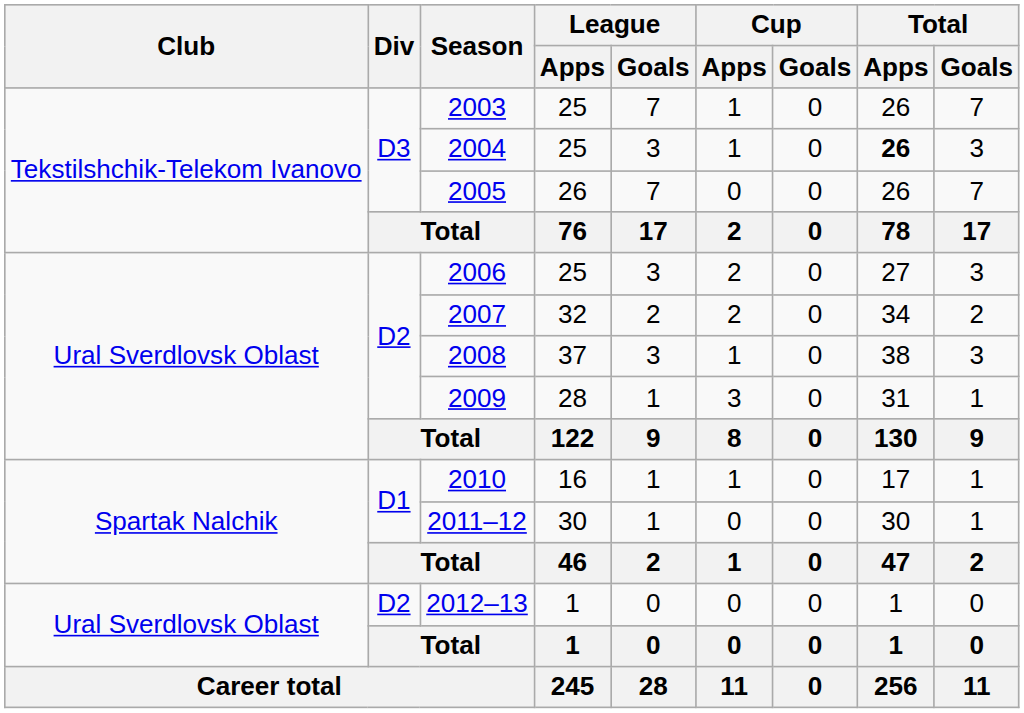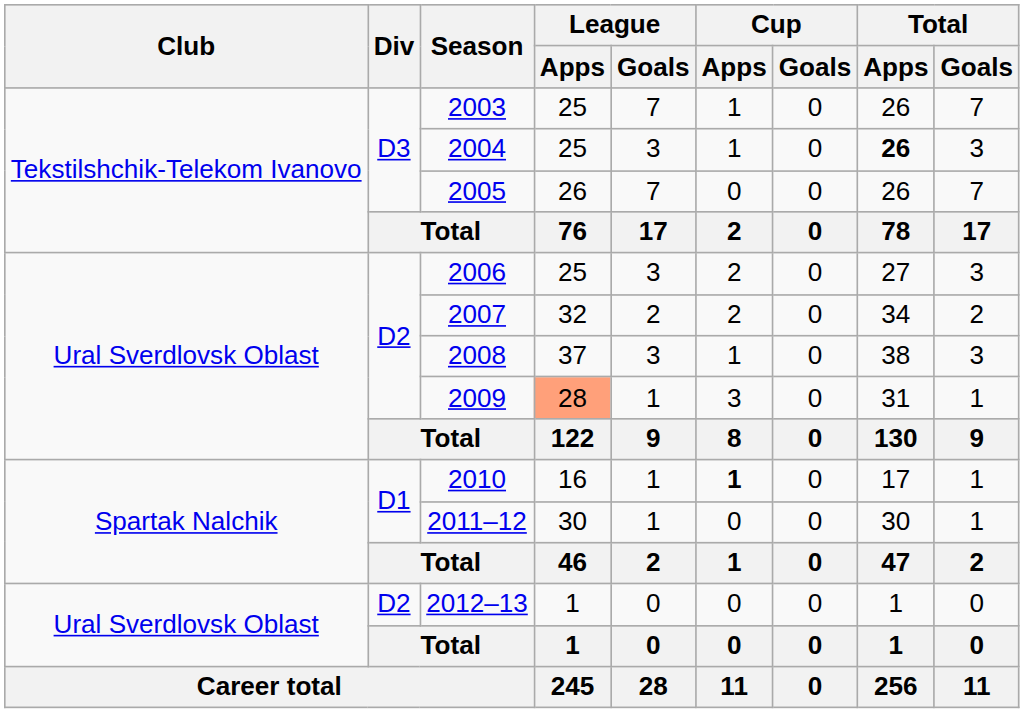 <table class="wikitable" style="text-align: center;">
 <tr>
 <th rowspan="2">Club</th>
 <th rowspan="2">Div</th>
 <th rowspan="2">Season</th>
 <th colspan="2">League</th>
 <th colspan="2">Cup</th>
 <th colspan="2">Total</th>
 </tr>
 <tr>
 <th>Apps</th>
 <th>Goals</th>
 <th>Apps</th>
 <th>Goals</th>
 <th>Apps</th>
 <th>Goals</th>
 </tr>
 <tr>
 <td rowspan="4" valign="center"> <a href='#'>Tekstilshchik-Telekom Ivanovo</a></td>
 <td rowspan="3"><a href='#'>D3</a></td>
 <td><a href='#'>2003</a></td>
 <td>25</td>
 <td>7</td>
 <td>1</td>
 <td>0</td>
 <td>26</td>
 <td>7</td>
 </tr>
 <tr>
 <td><a href='#'>2004</a></td>
 <td>25</td>
 <td>3</td>
 <td>1</td>
 <td>0</td>
 <td><strong>26</strong></td>
 <td>3</td>
 </tr>
 <tr>
 <td><a href='#'>2005</a></td>
 <td>26</td>
 <td>7</td>
 <td>0</td>
 <td>0</td>
 <td>26</td>
 <td>7</td>
 </tr>
 <tr>
 <th colspan="2">Total</th>
 <th>76</th>
 <th>17</th>
 <th>2</th>
 <th>0</th>
 <th>78</th>
 <th>17</th>
 </tr>
 <tr>
 <td rowspan="5" valign="center"> <a href='#'>Ural Sverdlovsk Oblast</a></td>
 <td rowspan="4"><a href='#'>D2</a></td>
 <td><a href='#'>2006</a></td>
 <td>25</td>
 <td>3</td>
 <td>2</td>
 <td>0</td>
 <td>27</td>
 <td>3</td>
 </tr>
 <tr>
 <td><a href='#'>2007</a></td>
 <td>32</td>
 <td>2</td>
 <td>2</td>
 <td>0</td>
 <td>34</td>
 <td>2</td>
 </tr>
 <tr>
 <td><a href='#'>2008</a></td>
 <td>37</td>
 <td>3</td>
 <td>1</td>
 <td>0</td>
 <td>38</td>
 <td>3</td>
 </tr>
 <tr>
 <td><a href='#'>2009</a></td>
-<td>28</td>
+<td style="background: lightsalmon;">28</td>
 <td>1</td>
 <td>3</td>
 <td>0</td>
 <td>31</td>
 <td>1</td>
 </tr>
 <tr>
 <th colspan="2">Total</th>
 <th>122</th>
 <th>9</th>
 <th>8</th>
 <th>0</th>
 <th>130</th>
 <th>9</th>
 </tr>
 <tr>
 <td rowspan="3" valign="center"> <a href='#'>Spartak Nalchik</a></td>
 <td rowspan="2"><a href='#'>D1</a></td>
 <td><a href='#'>2010</a></td>
 <td>16</td>
 <td>1</td>
-<td>1</td>
+<td><strong>1</strong></td>
 <td>0</td>
 <td>17</td>
 <td>1</td>
 </tr>
 <tr>
 <td><a href='#'>2011–12</a></td>
 <td>30</td>
 <td>1</td>
 <td>0</td>
 <td>0</td>
 <td>30</td>
 <td>1</td>
 </tr>
 <tr>
 <th colspan="2">Total</th>
 <th>46</th>
 <th>2</th>
 <th>1</th>
 <th>0</th>
 <th>47</th>
 <th>2</th>
 </tr>
 <tr>
 <td rowspan="2" valign="center"> <a href='#'>Ural Sverdlovsk Oblast</a></td>
 <td rowspan="1"><a href='#'>D2</a></td>
 <td><a href='#'>2012–13</a></td>
 <td>1</td>
 <td>0</td>
 <td>0</td>
 <td>0</td>
 <td>1</td>
 <td>0</td>
 </tr>
 <tr>
 <th colspan="2">Total</th>
 <th>1</th>
 <th>0</th>
 <th>0</th>
 <th>0</th>
 <th>1</th>
 <th>0</th>
 </tr>
 <tr>
 <th colspan="3">Career total</th>
 <th>245</th>
 <th>28</th>
 <th>11</th>
 <th>0</th>
 <th>256</th>
 <th>11</th>
 </tr>
 </table>
